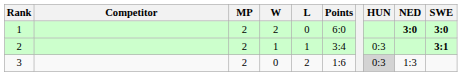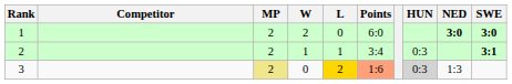 <table class="wikitable" style="text-align:center">
 <tr>
 <th>Rank</th>
 <th style="width:18em">Competitor</th>
 <th style="width:2.5em">MP</th>
 <th style="width:2.5em">W</th>
 <th style="width:2.5em">L</th>
 <th>Points</th>
 <th rowspan="4"> </th>
 <th style="width:2.5em">HUN</th>
 <th style="width:2.5em">NED</th>
 <th style="width:2.5em">SWE</th>
 </tr>
 <tr style="background:#cfc;">
 <td>1</td>
 <td style="text-align:left"></td>
 <td>2</td>
 <td>2</td>
 <td>0</td>
 <td>6:0</td>
 <td></td>
 <td><strong>3:0</strong></td>
 <td><strong>3:0</strong></td>
 </tr>
 <tr style="background:#cfc;">
 <td>2</td>
 <td style="text-align:left"></td>
 <td>2</td>
 <td>1</td>
 <td>1</td>
 <td>3:4</td>
 <td>0:3</td>
 <td></td>
 <td><strong>3:1</strong></td>
 </tr>
 <tr>
 <td>3</td>
 <td style="text-align:left"></td>
-<td>2</td>
+<td style="background: khaki;">2</td>
 <td>0</td>
-<td>2</td>
-<td>1:6</td>
+<td style="background: gold;">2</td>
+<td style="background: lightsalmon;">1:6</td>
 <td style="background: lightgrey;">0:3</td>
 <td>1:3</td>
 <td></td>
 </tr>
 </table>
